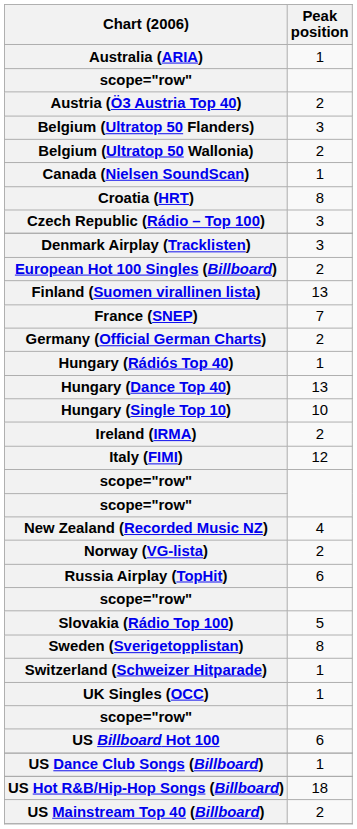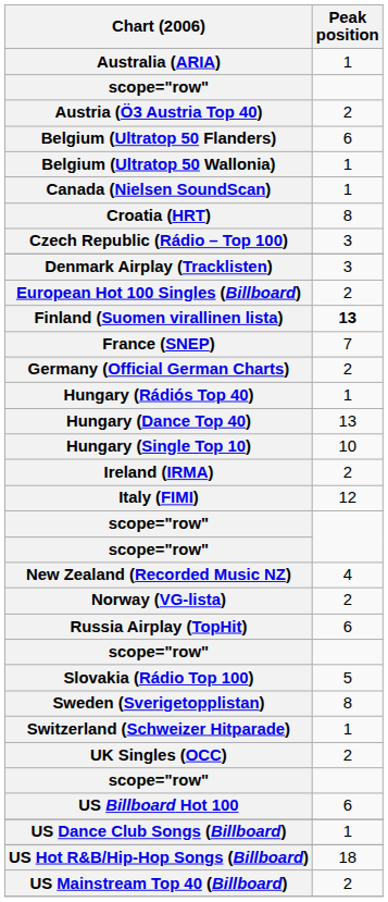 <table class="wikitable plainrowheaders sortable" style="text-align:center">
 <tr>
 <th scope="col">Chart (2006)</th>
 <th scope="col">Peak<br>position</th>
 </tr>
 <tr>
 <th scope="row">Australia (<a href='#'>ARIA</a>)</th>
 <td>1</td>
 </tr>
 <tr>
 <th>scope="row" </th>
 </tr>
 <tr>
 <th scope="row">Austria (<a href='#'>Ö3 Austria Top 40</a>)</th>
 <td>2</td>
 </tr>
 <tr>
 <th scope="row">Belgium (<a href='#'>Ultratop 50</a> Flanders)</th>
-<td>3</td>
+<td>6</td>
 </tr>
 <tr>
 <th scope="row">Belgium (<a href='#'>Ultratop 50</a> Wallonia)</th>
-<td>2</td>
+<td>1</td>
 </tr>
 <tr>
 <th scope="row">Canada (<a href='#'>Nielsen SoundScan</a>)</th>
 <td>1</td>
 </tr>
 <tr>
 <th scope="row">Croatia (<a href='#'>HRT</a>)</th>
 <td>8</td>
 </tr>
 <tr>
 <th scope="row">Czech Republic (<a href='#'>Rádio – Top 100</a>)</th>
 <td>3</td>
 </tr>
 <tr>
 </tr>
 <tr>
 <th scope="row">Denmark Airplay (<a href='#'>Tracklisten</a>)</th>
 <td>3</td>
 </tr>
 <tr>
 <th scope="row"><a href='#'>European Hot 100 Singles</a> (<em><a href='#'>Billboard</a></em>)</th>
 <td>2</td>
 </tr>
 <tr>
 <th scope="row">Finland (<a href='#'>Suomen virallinen lista</a>)</th>
-<td>13</td>
+<td><strong>13</strong></td>
 </tr>
 <tr>
 <th scope="row">France (<a href='#'>SNEP</a>)</th>
 <td>7</td>
 </tr>
 <tr>
 <th scope="row">Germany (<a href='#'>Official German Charts</a>)</th>
 <td>2</td>
 </tr>
 <tr>
 <th scope="row">Hungary (<a href='#'>Rádiós Top 40</a>)</th>
 <td>1</td>
 </tr>
 <tr>
 <th scope="row">Hungary (<a href='#'>Dance Top 40</a>)</th>
 <td>13</td>
 </tr>
 <tr>
 <th scope="row">Hungary (<a href='#'>Single Top 10</a>)</th>
 <td>10</td>
 </tr>
 <tr>
 <th scope="row">Ireland (<a href='#'>IRMA</a>)</th>
 <td>2</td>
 </tr>
 <tr>
 <th scope="row">Italy (<a href='#'>FIMI</a>)</th>
 <td>12</td>
 </tr>
 <tr>
 <th>scope="row" </th>
 </tr>
 <tr>
 <th>scope="row" </th>
 </tr>
 <tr>
 <th scope="row">New Zealand (<a href='#'>Recorded Music NZ</a>)</th>
 <td>4</td>
 </tr>
 <tr>
 <th scope="row">Norway (<a href='#'>VG-lista</a>)</th>
 <td>2</td>
 </tr>
 <tr>
 <th scope="row">Russia Airplay (<a href='#'>TopHit</a>)</th>
 <td>6</td>
 </tr>
 <tr>
 <th>scope="row" </th>
 </tr>
 <tr>
 <th scope="row">Slovakia (<a href='#'>Rádio Top 100</a>)</th>
 <td>5</td>
 </tr>
 <tr>
 <th scope="row">Sweden (<a href='#'>Sverigetopplistan</a>)</th>
 <td>8</td>
 </tr>
 <tr>
 <th scope="row">Switzerland (<a href='#'>Schweizer Hitparade</a>)</th>
 <td>1</td>
 </tr>
 <tr>
 <th scope="row">UK Singles (<a href='#'>OCC</a>)</th>
-<td>1</td>
+<td>2</td>
 </tr>
 <tr>
 <th>scope="row" </th>
 </tr>
 <tr>
 <th scope="row">US <a href='#'><em>Billboard</em> Hot 100</a></th>
 <td>6</td>
 </tr>
 <tr>
 </tr>
 <tr>
 <th scope="row">US <a href='#'>Dance Club Songs</a> (<em><a href='#'>Billboard</a></em>)</th>
 <td>1</td>
 </tr>
 <tr>
 </tr>
 <tr>
 <th scope="row">US <a href='#'>Hot R&B/Hip-Hop Songs</a> (<em><a href='#'>Billboard</a></em>)</th>
 <td>18</td>
 </tr>
 <tr>
 <th scope="row">US <a href='#'>Mainstream Top 40</a> (<em><a href='#'>Billboard</a></em>)</th>
 <td>2</td>
 </tr>
 <tr>
 </tr>
 </table>
